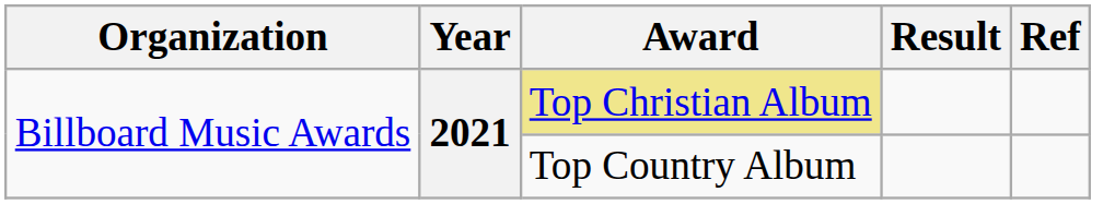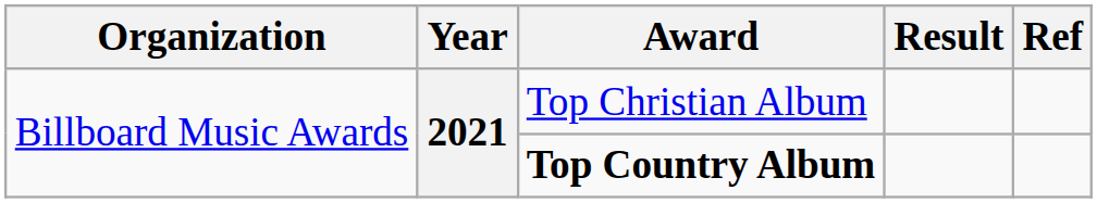 <table class="wikitable plainrowheaders">
 <tr>
 <th>Organization</th>
 <th>Year</th>
 <th>Award</th>
 <th>Result</th>
 <th>Ref</th>
 </tr>
 <tr>
 <td rowspan="2"><a href='#'>Billboard Music Awards</a></td>
 <th rowspan="2">2021</th>
-<td style="background: khaki;"><a href='#'>Top Christian Album</a></td>
+<td><a href='#'>Top Christian Album</a></td>
 <td></td>
 <td></td>
 </tr>
 <tr>
-<td>Top Country Album</td>
+<td><strong>Top Country Album</strong></td>
 <td></td>
 <td></td>
 </tr>
 </table>
